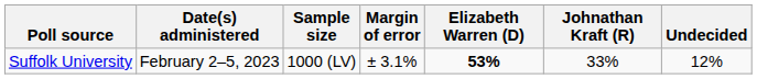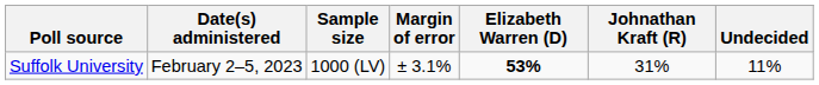 <table class="wikitable" style="font-size:90%;text-align:center;">
 <tr valign=bottom>
 <th>Poll source</th>
 <th>Date(s)<br>administered</th>
 <th>Sample<br>size</th>
 <th>Margin<br>of error</th>
 <th style="width:100px;">Elizabeth<br>Warren (D)</th>
 <th style="width:100px;">Johnathan<br>Kraft (R)</th>
 <th>Undecided</th>
 </tr>
 <tr>
 <td rowspan=2 style="text-align:left"><a href='#'>Suffolk University</a></td>
 <td rowspan=2>February 2–5, 2023</td>
 <td rowspan=2>1000 (LV)</td>
 <td rowspan=2>± 3.1%</td>
 <td><strong>53%</strong></td>
-<td>33%</td>
-<td>12%</td>
+<td>31%</td>
+<td>11%</td>
 </tr>
 </table>
